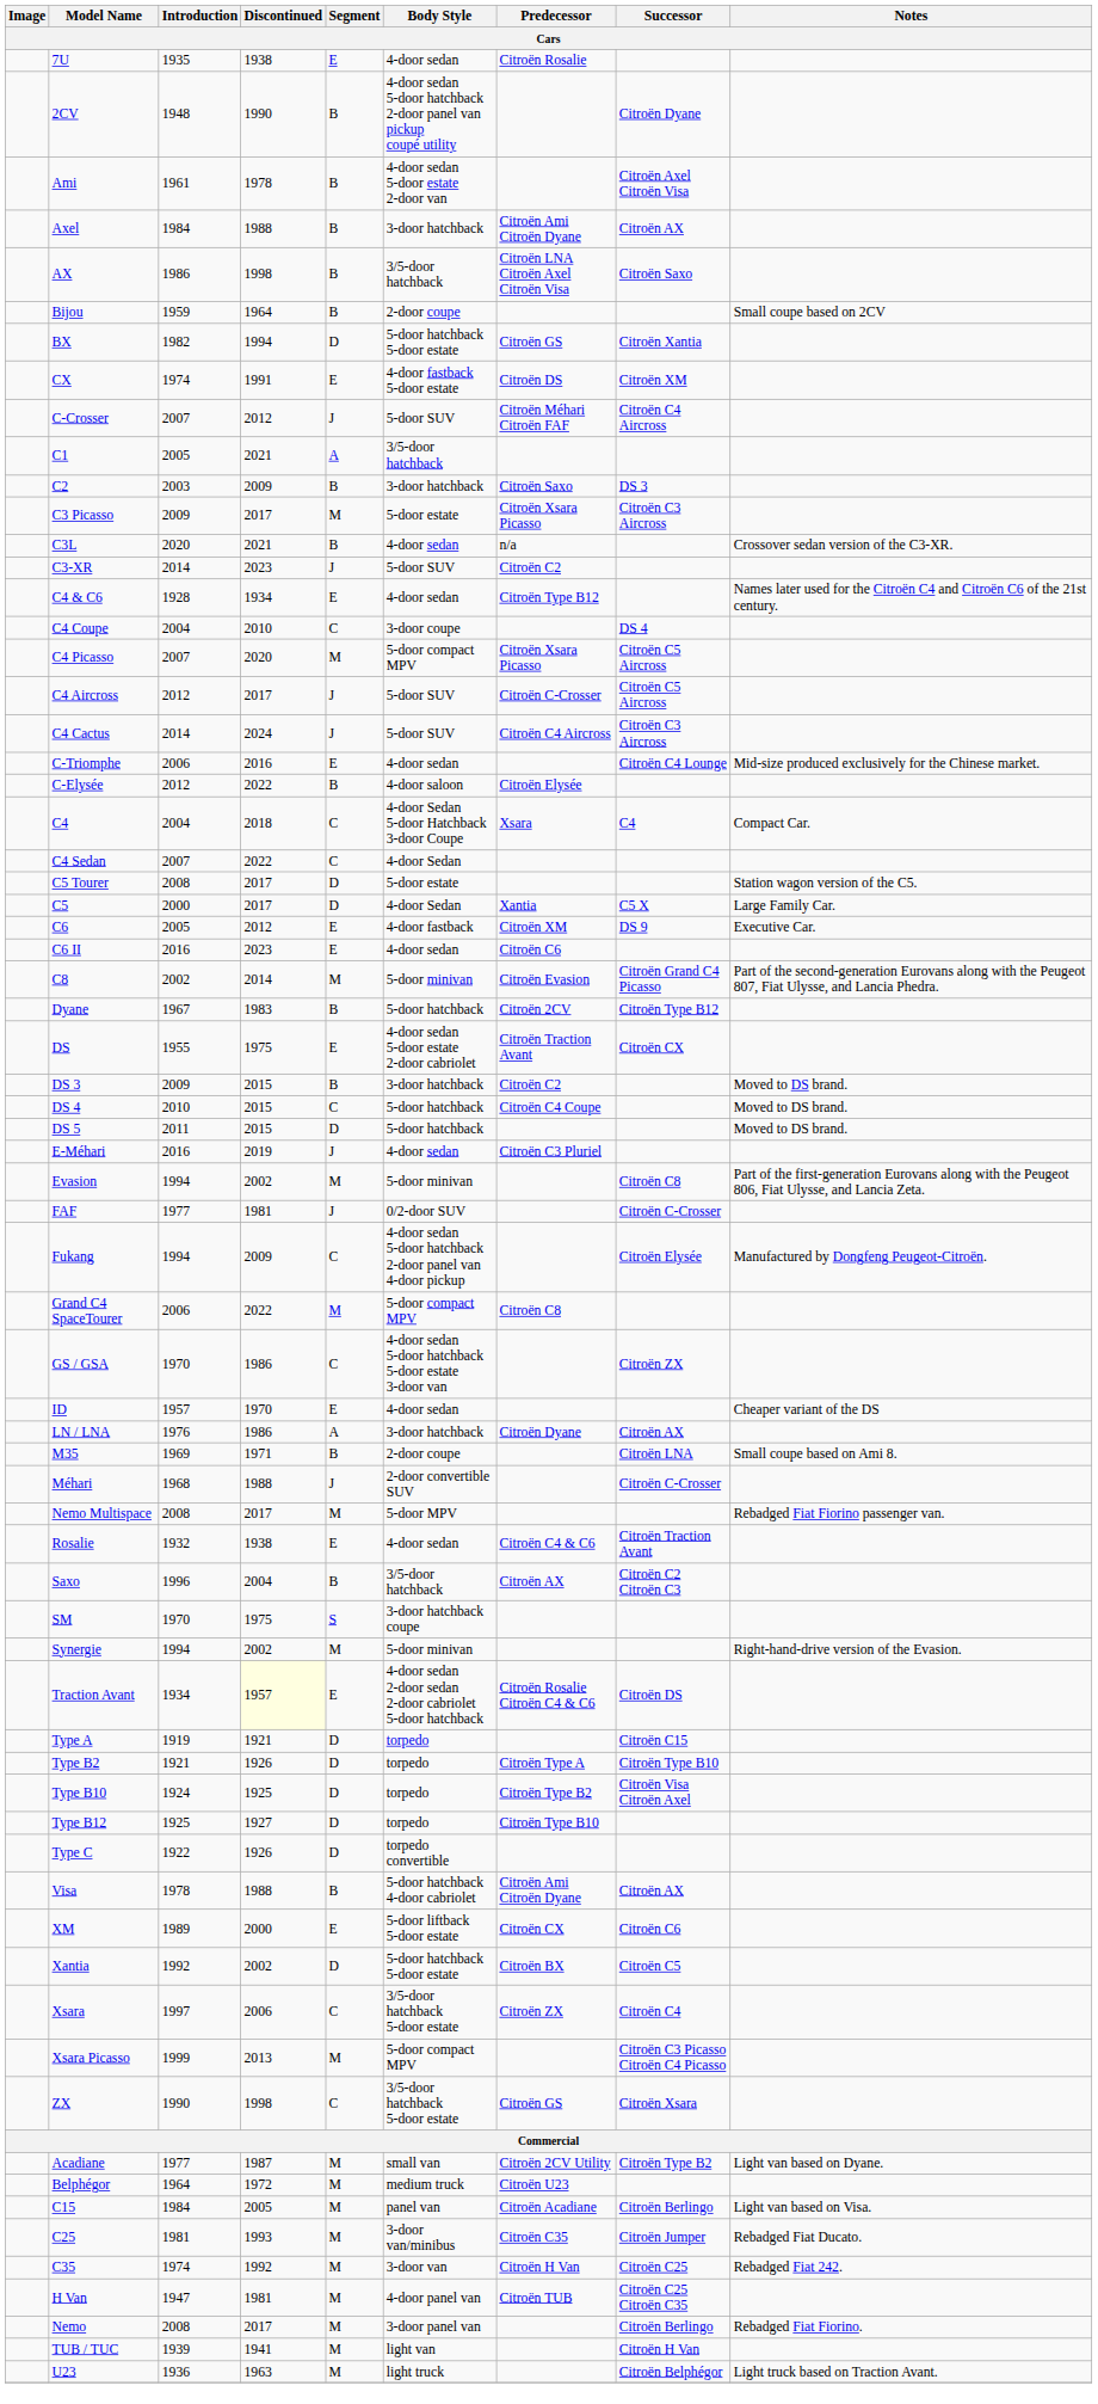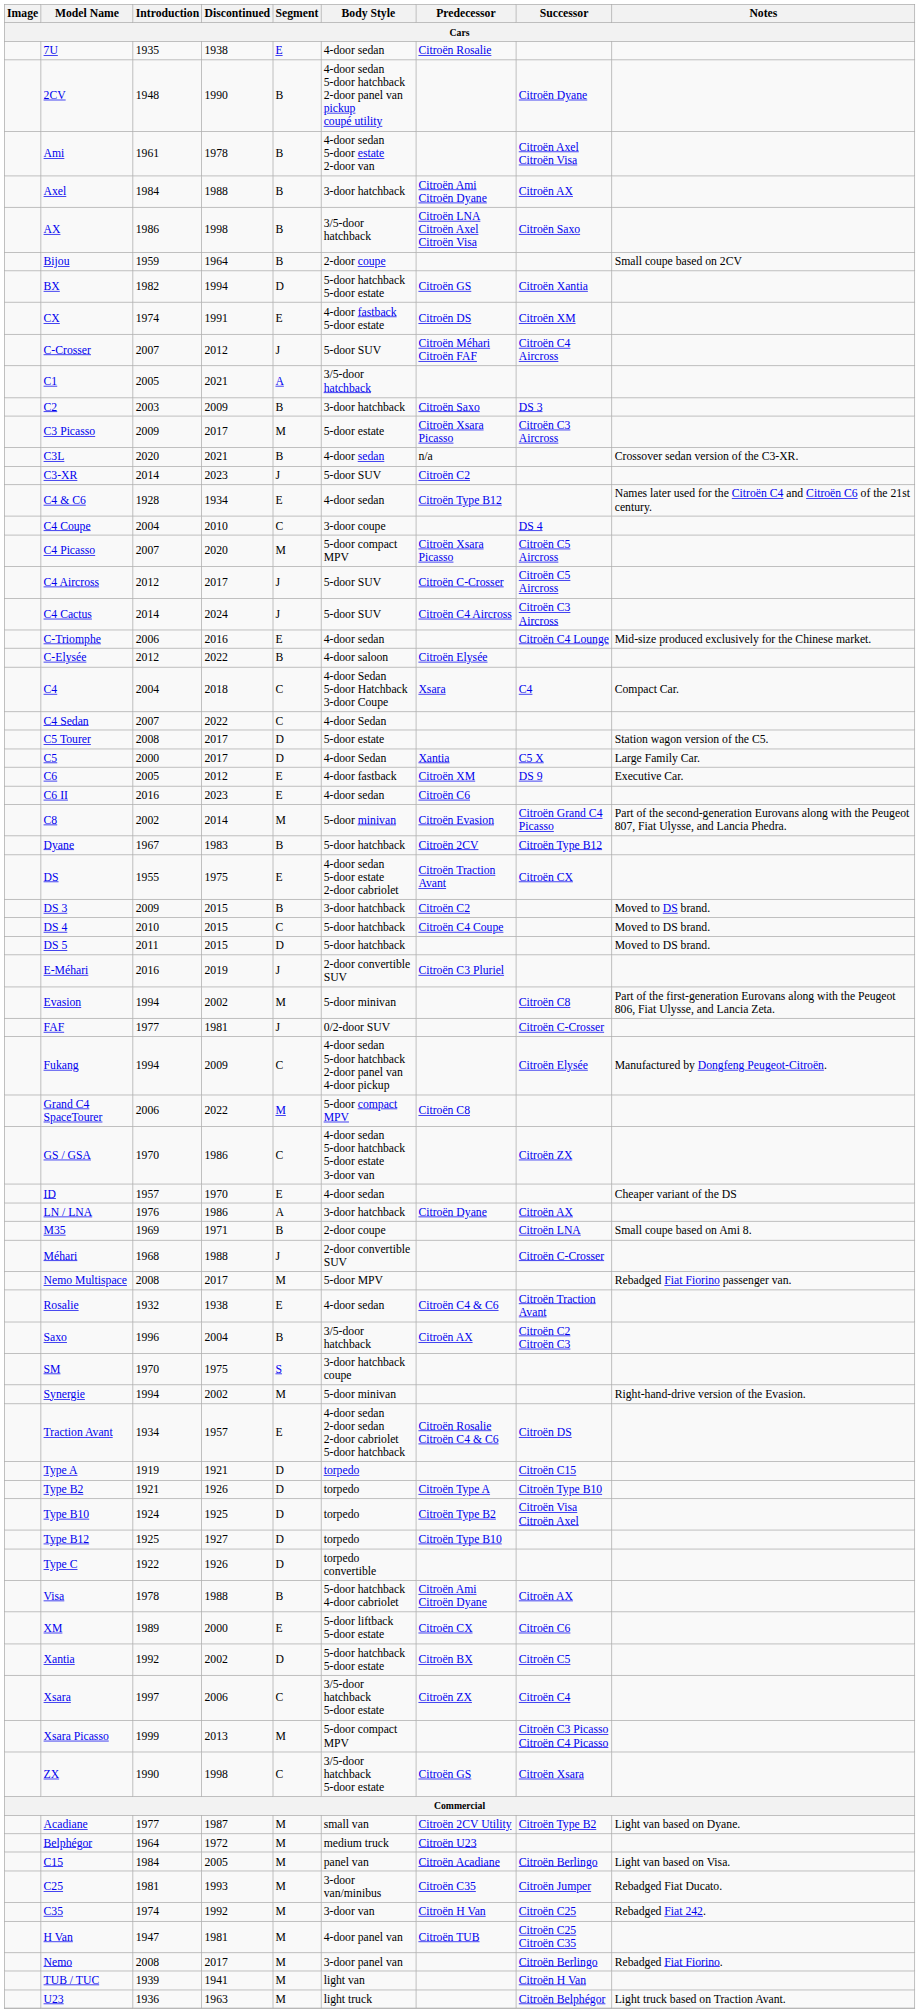 <table class="wikitable sortable mw-collapsible">
 <tr>
 <th>Image</th>
 <th>Model Name</th>
 <th>Introduction</th>
 <th>Discontinued</th>
 <th>Segment</th>
 <th>Body Style</th>
 <th>Predecessor</th>
 <th>Successor</th>
 <th>Notes</th>
 </tr>
 <tr>
 <th colspan="9"><small>Cars</small></th>
 </tr>
 <tr>
 <td></td>
 <td><a href='#'>7U</a></td>
 <td>1935</td>
 <td>1938</td>
 <td><a href='#'>E</a></td>
 <td>4-door sedan</td>
 <td><a href='#'>Citroën Rosalie</a></td>
 <td></td>
 <td></td>
 </tr>
 <tr>
 <td></td>
 <td><a href='#'>2CV</a></td>
 <td>1948</td>
 <td>1990</td>
 <td>B</td>
 <td>4-door sedan<br>5-door hatchback<br>2-door panel van<br><a href='#'>pickup</a><br><a href='#'>coupé utility</a></td>
 <td></td>
 <td><a href='#'>Citroën Dyane</a></td>
 <td></td>
 </tr>
 <tr>
 <td></td>
 <td><a href='#'>Ami</a></td>
 <td>1961</td>
 <td>1978</td>
 <td>B</td>
 <td>4-door sedan<br>5-door <a href='#'>estate</a><br>2-door van</td>
 <td></td>
 <td><a href='#'>Citroën Axel</a><br><a href='#'>Citroën Visa</a></td>
 <td></td>
 </tr>
 <tr>
 <td></td>
 <td><a href='#'>Axel</a></td>
 <td>1984</td>
 <td>1988</td>
 <td>B</td>
 <td>3-door hatchback</td>
 <td><a href='#'>Citroën Ami</a><br><a href='#'>Citroën Dyane</a></td>
 <td><a href='#'>Citroën AX</a></td>
 <td></td>
 </tr>
 <tr>
 <td></td>
 <td><a href='#'>AX</a></td>
 <td>1986</td>
 <td>1998</td>
 <td>B</td>
 <td>3/5-door hatchback</td>
 <td><a href='#'>Citroën LNA</a><br><a href='#'>Citroën Axel</a> <a href='#'>Citroën Visa</a></td>
 <td><a href='#'>Citroën Saxo</a></td>
 <td></td>
 </tr>
 <tr>
 <td></td>
 <td><a href='#'>Bijou</a></td>
 <td>1959</td>
 <td>1964</td>
 <td>B</td>
 <td>2-door <a href='#'>coupe</a></td>
 <td></td>
 <td></td>
 <td>Small coupe based on 2CV</td>
 </tr>
 <tr>
 <td></td>
 <td><a href='#'>BX</a></td>
 <td>1982</td>
 <td>1994</td>
 <td>D</td>
 <td>5-door hatchback<br>5-door estate</td>
 <td><a href='#'>Citroën GS</a></td>
 <td><a href='#'>Citroën Xantia</a></td>
 <td></td>
 </tr>
 <tr>
 <td></td>
 <td><a href='#'>CX</a></td>
 <td>1974</td>
 <td>1991</td>
 <td>E</td>
 <td>4-door <a href='#'>fastback</a><br>5-door estate</td>
 <td><a href='#'>Citroën DS</a></td>
 <td><a href='#'>Citroën XM</a></td>
 <td></td>
 </tr>
 <tr>
 <td></td>
 <td><a href='#'>C-Crosser</a></td>
 <td>2007</td>
 <td>2012</td>
 <td>J</td>
 <td>5-door SUV</td>
 <td><a href='#'>Citroën Méhari</a><br><a href='#'>Citroën FAF</a></td>
 <td><a href='#'>Citroën C4 Aircross</a></td>
 <td></td>
 </tr>
 <tr>
 <td></td>
 <td><a href='#'>C1</a></td>
 <td>2005</td>
 <td>2021</td>
 <td><a href='#'>A</a></td>
 <td>3/5-door <a href='#'>hatchback</a></td>
 <td></td>
 <td></td>
 <td></td>
 </tr>
 <tr>
 <td></td>
 <td><a href='#'>C2</a></td>
 <td>2003</td>
 <td>2009</td>
 <td>B</td>
 <td>3-door hatchback</td>
 <td><a href='#'>Citroën Saxo</a></td>
 <td><a href='#'>DS 3</a></td>
 <td></td>
 </tr>
 <tr>
 <td></td>
 <td><a href='#'>C3 Picasso</a></td>
 <td>2009</td>
 <td>2017</td>
 <td>M</td>
 <td>5-door estate</td>
 <td><a href='#'>Citroën Xsara Picasso</a></td>
 <td><a href='#'>Citroën C3 Aircross</a></td>
 <td></td>
 </tr>
 <tr>
 <td></td>
 <td><a href='#'>C3L</a></td>
 <td>2020</td>
 <td>2021</td>
 <td>B</td>
 <td>4-door <a href='#'>sedan</a></td>
 <td>n/a</td>
 <td></td>
 <td>Crossover sedan version of the C3-XR.</td>
 </tr>
 <tr>
 <td></td>
 <td><a href='#'>C3-XR</a></td>
 <td>2014</td>
 <td>2023</td>
 <td>J</td>
 <td>5-door SUV</td>
 <td><a href='#'>Citroën C2</a></td>
 <td></td>
 <td></td>
 </tr>
 <tr>
 <td></td>
 <td><a href='#'>C4 & C6</a></td>
 <td>1928</td>
 <td>1934</td>
 <td>E</td>
 <td>4-door sedan</td>
 <td><a href='#'>Citroën Type B12</a></td>
 <td></td>
 <td>Names later used for the <a href='#'>Citroën C4</a> and <a href='#'>Citroën C6</a> of the 21st century.</td>
 </tr>
 <tr>
 <td></td>
 <td><a href='#'>C4 Coupe</a></td>
 <td>2004</td>
 <td>2010</td>
 <td>C</td>
 <td>3-door coupe</td>
 <td></td>
 <td><a href='#'>DS 4</a></td>
 <td></td>
 </tr>
 <tr>
 <td></td>
 <td><a href='#'>C4 Picasso</a></td>
 <td>2007</td>
 <td>2020</td>
 <td>M</td>
 <td>5-door compact MPV</td>
 <td><a href='#'>Citroën Xsara Picasso</a></td>
 <td><a href='#'>Citroën C5 Aircross</a></td>
 <td></td>
 </tr>
 <tr>
 <td></td>
 <td><a href='#'>C4 Aircross</a></td>
 <td>2012</td>
 <td>2017</td>
 <td>J</td>
 <td>5-door SUV</td>
 <td><a href='#'>Citroën C-Crosser</a></td>
 <td><a href='#'>Citroën C5 Aircross</a></td>
 <td></td>
 </tr>
 <tr>
 <td></td>
 <td><a href='#'>C4 Cactus</a></td>
 <td>2014</td>
 <td>2024</td>
 <td>J</td>
 <td>5-door SUV</td>
 <td><a href='#'>Citroën C4 Aircross</a></td>
 <td><a href='#'>Citroën C3 Aircross</a></td>
 <td></td>
 </tr>
 <tr>
 <td></td>
 <td><a href='#'>C-Triomphe</a></td>
 <td>2006</td>
 <td>2016</td>
 <td>E</td>
 <td>4-door sedan</td>
 <td></td>
 <td><a href='#'>Citroën C4 Lounge</a></td>
 <td>Mid-size produced exclusively for the Chinese market.</td>
 </tr>
 <tr>
 <td></td>
 <td><a href='#'>C-Elysée</a></td>
 <td>2012</td>
 <td>2022</td>
 <td>B</td>
 <td>4-door saloon</td>
 <td><a href='#'>Citroën Elysée</a></td>
 <td></td>
 <td></td>
 </tr>
 <tr>
 <td></td>
 <td><a href='#'>C4</a></td>
 <td>2004</td>
 <td>2018</td>
 <td>C</td>
 <td>4-door Sedan <br> 5-door Hatchback <br> 3-door Coupe</td>
 <td><a href='#'>Xsara</a></td>
 <td><a href='#'>C4</a></td>
 <td>Compact Car.</td>
 </tr>
 <tr>
 <td></td>
 <td><a href='#'>C4 Sedan</a></td>
 <td>2007</td>
 <td>2022</td>
 <td>C</td>
 <td>4-door Sedan</td>
 <td></td>
 <td></td>
 <td></td>
 </tr>
 <tr>
 <td></td>
 <td><a href='#'>C5 Tourer</a></td>
 <td>2008</td>
 <td>2017</td>
 <td>D</td>
 <td>5-door estate</td>
 <td></td>
 <td></td>
 <td>Station wagon version of the C5.</td>
 </tr>
 <tr>
 <td></td>
 <td><a href='#'>C5</a></td>
 <td>2000</td>
 <td>2017</td>
 <td>D</td>
 <td>4-door Sedan</td>
 <td><a href='#'>Xantia</a></td>
 <td><a href='#'>C5 X</a></td>
 <td>Large Family Car.</td>
 </tr>
 <tr>
 <td></td>
 <td><a href='#'>C6</a></td>
 <td>2005</td>
 <td>2012</td>
 <td>E</td>
 <td>4-door fastback</td>
 <td><a href='#'>Citroën XM</a></td>
 <td><a href='#'>DS 9</a></td>
 <td>Executive Car.</td>
 </tr>
 <tr>
 <td></td>
 <td><a href='#'>C6 II</a></td>
 <td>2016</td>
 <td>2023</td>
 <td>E</td>
 <td>4-door sedan</td>
 <td><a href='#'>Citroën C6</a></td>
 <td></td>
 <td></td>
 </tr>
 <tr>
 <td></td>
 <td><a href='#'>C8</a></td>
 <td>2002</td>
 <td>2014</td>
 <td>M</td>
 <td>5-door <a href='#'>minivan</a></td>
 <td><a href='#'>Citroën Evasion</a></td>
 <td><a href='#'>Citroën Grand C4 Picasso</a></td>
 <td>Part of the second-generation Eurovans along with the Peugeot 807, Fiat Ulysse, and Lancia Phedra.</td>
 </tr>
 <tr>
 <td></td>
 <td><a href='#'>Dyane</a></td>
 <td>1967</td>
 <td>1983</td>
 <td>B</td>
 <td>5-door hatchback</td>
 <td><a href='#'>Citroën 2CV</a></td>
 <td><a href='#'>Citroën Type B12</a></td>
 <td></td>
 </tr>
 <tr>
 <td></td>
 <td><a href='#'>DS</a></td>
 <td>1955</td>
 <td>1975</td>
 <td>E</td>
 <td>4-door sedan<br>5-door estate<br>2-door cabriolet</td>
 <td><a href='#'>Citroën Traction Avant</a></td>
 <td><a href='#'>Citroën CX</a></td>
 <td></td>
 </tr>
 <tr>
 <td></td>
 <td><a href='#'>DS 3</a></td>
 <td>2009</td>
 <td>2015</td>
 <td>B</td>
 <td>3-door hatchback</td>
 <td><a href='#'>Citroën C2</a></td>
 <td></td>
 <td>Moved to <a href='#'>DS</a> brand.</td>
 </tr>
 <tr>
 <td></td>
 <td><a href='#'>DS 4</a></td>
 <td>2010</td>
 <td>2015</td>
 <td>C</td>
 <td>5-door hatchback</td>
 <td><a href='#'>Citroën C4 Coupe</a></td>
 <td></td>
 <td>Moved to DS brand.</td>
 </tr>
 <tr>
 <td></td>
 <td><a href='#'>DS 5</a></td>
 <td>2011</td>
 <td>2015</td>
 <td>D</td>
 <td>5-door hatchback</td>
 <td></td>
 <td></td>
 <td>Moved to DS brand.</td>
 </tr>
 <tr>
 <td></td>
 <td><a href='#'>E-Méhari</a></td>
 <td>2016</td>
 <td>2019</td>
 <td>J</td>
-<td>4-door <a href='#'>sedan</a></td>
+<td>2-door convertible SUV</td>
 <td><a href='#'>Citroën C3 Pluriel</a></td>
 <td></td>
 <td></td>
 </tr>
 <tr>
 <td></td>
 <td><a href='#'>Evasion</a></td>
 <td>1994</td>
 <td>2002</td>
 <td>M</td>
 <td>5-door minivan</td>
 <td></td>
 <td><a href='#'>Citroën C8</a></td>
 <td>Part of the first-generation Eurovans along with the Peugeot 806, Fiat Ulysse, and Lancia Zeta.</td>
 </tr>
 <tr>
 <td></td>
 <td><a href='#'>FAF</a></td>
 <td>1977</td>
 <td>1981</td>
 <td>J</td>
 <td>0/2-door SUV</td>
 <td></td>
 <td><a href='#'>Citroën C-Crosser</a></td>
 <td></td>
 </tr>
 <tr>
 <td></td>
 <td><a href='#'>Fukang</a></td>
 <td>1994</td>
 <td>2009</td>
 <td>C</td>
 <td>4-door sedan<br>5-door hatchback<br>2-door panel van<br>4-door pickup</td>
 <td></td>
 <td><a href='#'>Citroën Elysée</a></td>
 <td>Manufactured by <a href='#'>Dongfeng Peugeot-Citroën</a>.</td>
 </tr>
 <tr>
 <td></td>
 <td><a href='#'>Grand C4 SpaceTourer</a></td>
 <td>2006</td>
 <td>2022</td>
 <td><a href='#'>M</a></td>
 <td>5-door <a href='#'>compact MPV</a></td>
 <td><a href='#'>Citroën C8</a></td>
 <td></td>
 <td></td>
 </tr>
 <tr>
 <td></td>
 <td><a href='#'>GS / GSA</a></td>
 <td>1970</td>
 <td>1986</td>
 <td>C</td>
 <td>4-door sedan<br>5-door hatchback<br>5-door estate<br>3-door van</td>
 <td></td>
 <td><a href='#'>Citroën ZX</a></td>
 <td></td>
 </tr>
 <tr>
 <td></td>
 <td><a href='#'>ID</a></td>
 <td>1957</td>
 <td>1970</td>
 <td>E</td>
 <td>4-door sedan</td>
 <td></td>
 <td></td>
 <td>Cheaper variant of the DS</td>
 </tr>
 <tr>
 <td></td>
 <td><a href='#'>LN / LNA</a></td>
 <td>1976</td>
 <td>1986</td>
 <td>A</td>
 <td>3-door hatchback</td>
 <td><a href='#'>Citroën Dyane</a></td>
 <td><a href='#'>Citroën AX</a></td>
 <td></td>
 </tr>
 <tr>
 <td></td>
 <td><a href='#'>M35</a></td>
 <td>1969</td>
 <td>1971</td>
 <td>B</td>
 <td>2-door coupe</td>
 <td></td>
 <td><a href='#'>Citroën LNA</a></td>
 <td>Small coupe based on Ami 8.</td>
 </tr>
 <tr>
 <td></td>
 <td><a href='#'>Méhari</a></td>
 <td>1968</td>
 <td>1988</td>
 <td>J</td>
 <td>2-door convertible SUV</td>
 <td></td>
 <td><a href='#'>Citroën C-Crosser</a></td>
 <td></td>
 </tr>
 <tr>
 <td></td>
 <td><a href='#'>Nemo Multispace</a></td>
 <td>2008</td>
 <td>2017</td>
 <td>M</td>
 <td>5-door MPV</td>
 <td></td>
 <td></td>
 <td>Rebadged <a href='#'>Fiat Fiorino</a> passenger van.</td>
 </tr>
 <tr>
 <td></td>
 <td><a href='#'>Rosalie</a></td>
 <td>1932</td>
 <td>1938</td>
 <td>E</td>
 <td>4-door sedan</td>
 <td><a href='#'>Citroën C4 & C6</a></td>
 <td><a href='#'>Citroën Traction Avant</a></td>
 <td></td>
 </tr>
 <tr>
 <td></td>
 <td><a href='#'>Saxo</a></td>
 <td>1996</td>
 <td>2004</td>
 <td>B</td>
 <td>3/5-door hatchback</td>
 <td><a href='#'>Citroën AX</a></td>
 <td><a href='#'>Citroën C2</a><br><a href='#'>Citroën C3</a></td>
 <td></td>
 </tr>
 <tr>
 <td></td>
 <td><a href='#'>SM</a></td>
 <td>1970</td>
 <td>1975</td>
 <td><a href='#'>S</a></td>
 <td>3-door hatchback coupe</td>
 <td></td>
 <td></td>
 <td></td>
 </tr>
 <tr>
 <td></td>
 <td><a href='#'>Synergie</a></td>
 <td>1994</td>
 <td>2002</td>
 <td>M</td>
 <td>5-door minivan</td>
 <td></td>
 <td></td>
 <td>Right-hand-drive version of the Evasion.</td>
 </tr>
 <tr>
 <td></td>
 <td><a href='#'>Traction Avant</a></td>
 <td>1934</td>
-<td style="background: lightyellow;">1957</td>
+<td>1957</td>
 <td>E</td>
 <td>4-door sedan<br>2-door sedan<br>2-door cabriolet<br>5-door hatchback</td>
 <td><a href='#'>Citroën Rosalie</a><br><a href='#'>Citroën C4 & C6</a></td>
 <td><a href='#'>Citroën DS</a></td>
 <td></td>
 </tr>
 <tr>
 <td></td>
 <td><a href='#'>Type A</a></td>
 <td>1919</td>
 <td>1921</td>
 <td>D</td>
 <td><a href='#'>torpedo</a></td>
 <td></td>
 <td><a href='#'>Citroën C15</a></td>
 <td></td>
 </tr>
 <tr>
 <td></td>
 <td><a href='#'>Type B2</a></td>
 <td>1921</td>
 <td>1926</td>
 <td>D</td>
 <td>torpedo</td>
 <td><a href='#'>Citroën Type A</a></td>
 <td><a href='#'>Citroën Type B10</a></td>
 <td></td>
 </tr>
 <tr>
 <td></td>
 <td><a href='#'>Type B10</a></td>
 <td>1924</td>
 <td>1925</td>
 <td>D</td>
 <td>torpedo</td>
 <td><a href='#'>Citroën Type B2</a></td>
 <td><a href='#'>Citroën Visa</a><br><a href='#'>Citroën Axel</a></td>
 <td></td>
 </tr>
 <tr>
 <td></td>
 <td><a href='#'>Type B12</a></td>
 <td>1925</td>
 <td>1927</td>
 <td>D</td>
 <td>torpedo</td>
 <td><a href='#'>Citroën Type B10</a></td>
 <td></td>
 <td></td>
 </tr>
 <tr>
 <td></td>
 <td><a href='#'>Type C</a></td>
 <td>1922</td>
 <td>1926</td>
 <td>D</td>
 <td>torpedo<br>convertible</td>
 <td></td>
 <td></td>
 <td></td>
 </tr>
 <tr>
 <td></td>
 <td><a href='#'>Visa</a></td>
 <td>1978</td>
 <td>1988</td>
 <td>B</td>
 <td>5-door hatchback<br>4-door cabriolet</td>
 <td><a href='#'>Citroën Ami</a><br><a href='#'>Citroën Dyane</a></td>
 <td><a href='#'>Citroën AX</a></td>
 <td></td>
 </tr>
 <tr>
 <td></td>
 <td><a href='#'>XM</a></td>
 <td>1989</td>
 <td>2000</td>
 <td>E</td>
 <td>5-door liftback<br>5-door estate</td>
 <td><a href='#'>Citroën CX</a></td>
 <td><a href='#'>Citroën C6</a></td>
 <td></td>
 </tr>
 <tr>
 <td></td>
 <td><a href='#'>Xantia</a></td>
 <td>1992</td>
 <td>2002</td>
 <td>D</td>
 <td>5-door hatchback<br>5-door estate</td>
 <td><a href='#'>Citroën BX</a></td>
 <td><a href='#'>Citroën C5</a></td>
 <td></td>
 </tr>
 <tr>
 <td></td>
 <td><a href='#'>Xsara</a></td>
 <td>1997</td>
 <td>2006</td>
 <td>C</td>
 <td>3/5-door hatchback<br>5-door estate</td>
 <td><a href='#'>Citroën ZX</a></td>
 <td><a href='#'>Citroën C4</a></td>
 <td></td>
 </tr>
 <tr>
 <td></td>
 <td><a href='#'>Xsara Picasso</a></td>
 <td>1999</td>
 <td>2013</td>
 <td>M</td>
 <td>5-door compact MPV</td>
 <td></td>
 <td><a href='#'>Citroën C3 Picasso</a><br><a href='#'>Citroën C4 Picasso</a></td>
 <td></td>
 </tr>
 <tr>
 <td></td>
 <td><a href='#'>ZX</a></td>
 <td>1990</td>
 <td>1998</td>
 <td>C</td>
 <td>3/5-door hatchback<br>5-door estate</td>
 <td><a href='#'>Citroën GS</a></td>
 <td><a href='#'>Citroën Xsara</a></td>
 <td></td>
 </tr>
 <tr>
 <th colspan="9"><small>Commercial</small></th>
 </tr>
 <tr>
 <td></td>
 <td><a href='#'>Acadiane</a></td>
 <td>1977</td>
 <td>1987</td>
 <td>M</td>
 <td>small van</td>
 <td><a href='#'>Citroën 2CV Utility</a></td>
 <td><a href='#'>Citroën Type B2</a></td>
 <td>Light van based on Dyane.</td>
 </tr>
 <tr>
 <td></td>
 <td><a href='#'>Belphégor</a></td>
 <td>1964</td>
 <td>1972</td>
 <td>M</td>
 <td>medium truck</td>
 <td><a href='#'>Citroën U23</a></td>
 <td></td>
 <td></td>
 </tr>
 <tr>
 <td></td>
 <td><a href='#'>C15</a></td>
 <td>1984</td>
 <td>2005</td>
 <td>M</td>
 <td>panel van</td>
 <td><a href='#'>Citroën Acadiane</a></td>
 <td><a href='#'>Citroën Berlingo</a></td>
 <td>Light van based on Visa.</td>
 </tr>
 <tr>
 <td></td>
 <td><a href='#'>C25</a></td>
 <td>1981</td>
 <td>1993</td>
 <td>M</td>
 <td>3-door van/minibus</td>
 <td><a href='#'>Citroën C35</a></td>
 <td><a href='#'>Citroën Jumper</a></td>
 <td>Rebadged Fiat Ducato.</td>
 </tr>
 <tr>
 <td></td>
 <td><a href='#'>C35</a></td>
 <td>1974</td>
 <td>1992</td>
 <td>M</td>
 <td>3-door van</td>
 <td><a href='#'>Citroën H Van</a></td>
 <td><a href='#'>Citroën C25</a></td>
 <td>Rebadged <a href='#'>Fiat 242</a>.</td>
 </tr>
 <tr>
 <td></td>
 <td><a href='#'>H Van</a></td>
 <td>1947</td>
 <td>1981</td>
 <td>M</td>
 <td>4-door panel van</td>
 <td><a href='#'>Citroën TUB</a></td>
 <td><a href='#'>Citroën C25</a><br><a href='#'>Citroën C35</a></td>
 <td></td>
 </tr>
 <tr>
 <td></td>
 <td><a href='#'>Nemo</a></td>
 <td>2008</td>
 <td>2017</td>
 <td>M</td>
 <td>3-door panel van</td>
 <td></td>
 <td><a href='#'>Citroën Berlingo</a></td>
 <td>Rebadged <a href='#'>Fiat Fiorino</a>.</td>
 </tr>
 <tr>
 <td></td>
 <td><a href='#'>TUB / TUC</a></td>
 <td>1939</td>
 <td>1941</td>
 <td>M</td>
 <td>light van</td>
 <td></td>
 <td><a href='#'>Citroën H Van</a></td>
 <td></td>
 </tr>
 <tr>
 <td></td>
 <td><a href='#'>U23</a></td>
 <td>1936</td>
 <td>1963</td>
 <td>M</td>
 <td>light truck</td>
 <td></td>
 <td><a href='#'>Citroën Belphégor</a></td>
 <td>Light truck based on Traction Avant.</td>
 </tr>
 <tr>
 </tr>
 </table>
